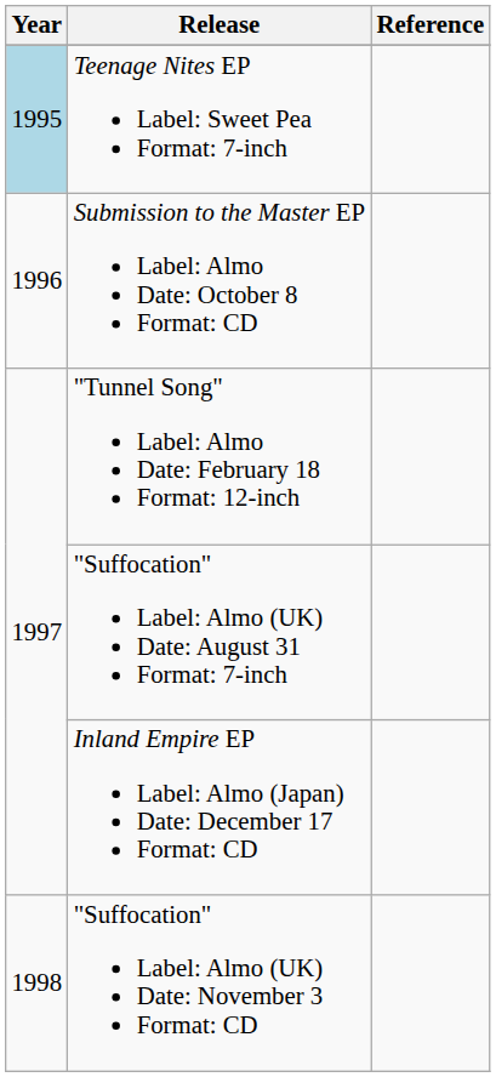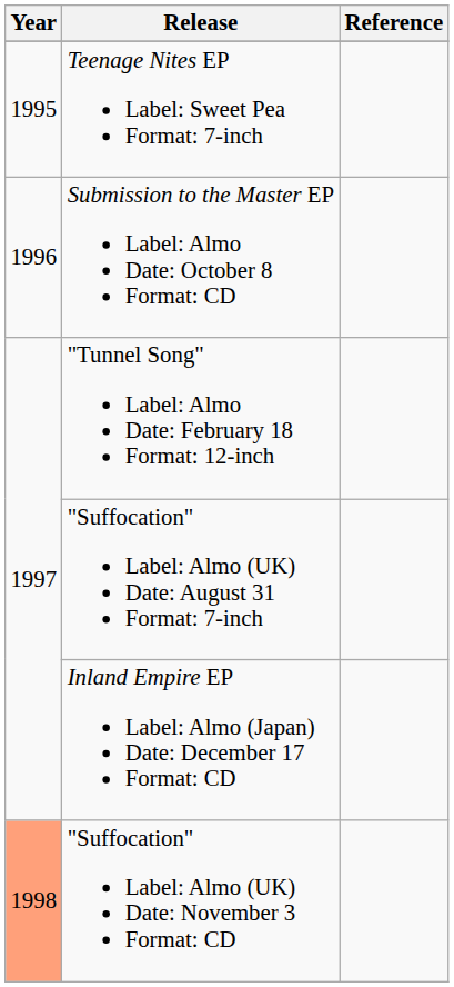 <table class="wikitable" style="text-align:center;">
 <tr>
 <th rowspan="1">Year</th>
 <th rowspan="1">Release</th>
 <th rowspan="1">Reference</th>
 </tr>
 <tr style="font-size:smaller;">
 </tr>
 <tr>
-<td style="background: lightblue;">1995</td>
+<td>1995</td>
 <td align="left"><em>Teenage Nites</em> EP<br><ul><li>Label: Sweet Pea</li><li>Format: 7-inch</li></ul></td>
 <td align="center"><br></td>
 </tr>
 <tr>
 <td>1996</td>
 <td align="left"><em>Submission to the Master</em> EP<br><ul><li>Label: Almo</li><li>Date: October 8</li><li>Format: CD</li></ul></td>
 <td align="center"><br></td>
 </tr>
 <tr>
 <td rowspan="3">1997</td>
 <td align="left">"Tunnel Song"<br><ul><li>Label: Almo</li><li>Date: February 18</li><li>Format: 12-inch</li></ul></td>
 <td align="center"><br></td>
 </tr>
 <tr>
 <td align="left">"Suffocation"<br><ul><li>Label: Almo (UK)</li><li>Date: August 31</li><li>Format: 7-inch</li></ul></td>
 <td align="center"><br></td>
 </tr>
 <tr>
 <td align="left"><em>Inland Empire</em> EP<br><ul><li>Label: Almo (Japan)</li><li>Date: December 17</li><li>Format: CD</li></ul></td>
 <td align="center"><br></td>
 </tr>
 <tr>
-<td rowspan="1">1998</td>
+<td rowspan="1" style="background: lightsalmon;">1998</td>
 <td align="left">"Suffocation"<br><ul><li>Label: Almo (UK)</li><li>Date: November 3</li><li>Format: CD</li></ul></td>
 <td align="center"><br></td>
 </tr>
 <tr>
 </tr>
 </table>
